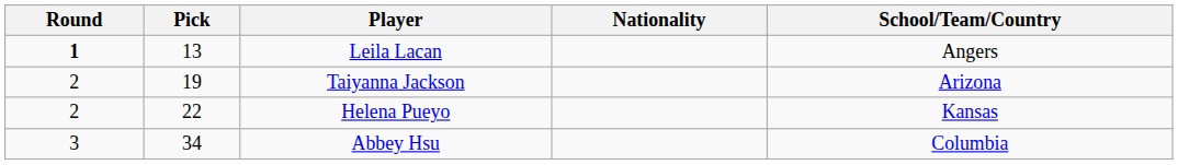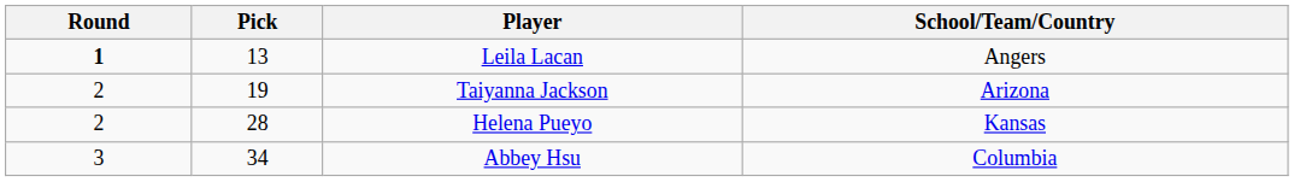 <table class="wikitable" style="text-align:center; width:60em">
 <tr>
 <th>Round</th>
 <th>Pick</th>
 <th>Player</th>
-<th>Nationality</th>
 <th>School/Team/Country</th>
 </tr>
 <tr>
 <td><strong>1</strong></td>
 <td>13</td>
 <td><a href='#'>Leila Lacan</a></td>
-<td></td>
 <td>Angers </td>
 </tr>
 <tr>
 <td>2</td>
 <td>19</td>
 <td><a href='#'>Taiyanna Jackson</a></td>
-<td></td>
 <td><a href='#'>Arizona</a></td>
 </tr>
 <tr>
 <td>2</td>
-<td>22</td>
+<td>28</td>
 <td><a href='#'>Helena Pueyo</a></td>
-<td></td>
 <td><a href='#'>Kansas</a></td>
 </tr>
 <tr>
 <td>3</td>
 <td>34</td>
 <td><a href='#'>Abbey Hsu</a></td>
-<td></td>
 <td><a href='#'>Columbia</a></td>
 </tr>
 </table>
